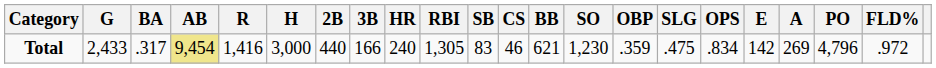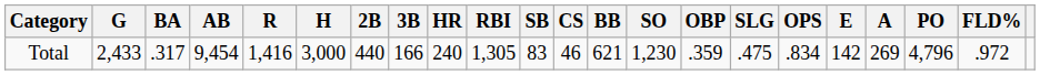 <table class="wikitable" style="font-size: 95%; text-align:center;">
 <tr>
 <th>Category</th>
 <th>G</th>
 <th>BA</th>
 <th>AB</th>
 <th>R</th>
 <th>H</th>
 <th>2B</th>
 <th>3B</th>
 <th>HR</th>
 <th>RBI</th>
 <th>SB</th>
 <th>CS</th>
 <th>BB</th>
 <th>SO</th>
 <th>OBP</th>
 <th>SLG</th>
 <th>OPS</th>
 <th>E</th>
 <th>A</th>
 <th>PO</th>
 <th>FLD%</th>
 <th></th>
 </tr>
 <tr>
-<td><strong>Total</strong></td>
+<td>Total</td>
 <td>2,433</td>
 <td>.317</td>
-<td style="background: khaki;">9,454</td>
+<td>9,454</td>
 <td>1,416</td>
 <td>3,000</td>
 <td>440</td>
 <td>166</td>
 <td>240</td>
 <td>1,305</td>
 <td>83</td>
 <td>46</td>
 <td>621</td>
 <td>1,230</td>
 <td>.359</td>
 <td>.475</td>
 <td>.834</td>
 <td>142</td>
 <td>269</td>
 <td>4,796</td>
 <td>.972</td>
 <td></td>
 </tr>
 </table>
